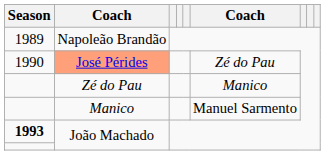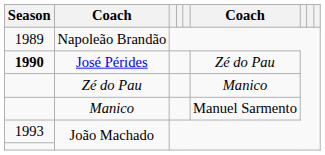 <table class="wikitable" style="text-align:center;">
 <tr>
 <th>Season</th>
 <th>Coach</th>
 <th></th>
 <th></th>
 <th></th>
 <th>Coach</th>
 <th></th>
 <th></th>
 <th></th>
 </tr>
 <tr>
 <td>1989</td>
 <td> Napoleão Brandão</td>
 </tr>
 <tr>
-<td>1990</td>
-<td style="background: lightsalmon;"> <a href='#'>José Pérides</a></td>
+<td><strong>1990</strong></td>
+<td> <a href='#'>José Pérides</a></td>
 <td colspan=3></td>
 <td> <em>Zé do Pau</em></td>
 </tr>
 <tr>
 <td></td>
 <td> <em>Zé do Pau</em></td>
 <td colspan=3></td>
 <td> <em>Manico</em></td>
 </tr>
 <tr>
 <td></td>
 <td> <em>Manico</em></td>
 <td colspan=3></td>
 <td> Manuel Sarmento</td>
 </tr>
 <tr>
-<td><strong>1993</strong></td>
+<td>1993</td>
 <td rowspan=2> João Machado</td>
 </tr>
 <tr>
 <td></td>
 </tr>
 </table>
